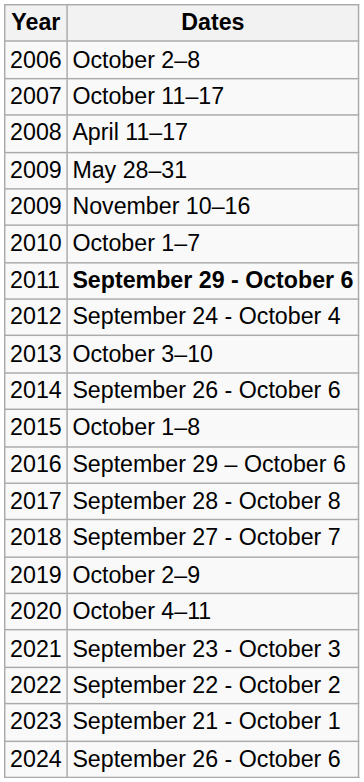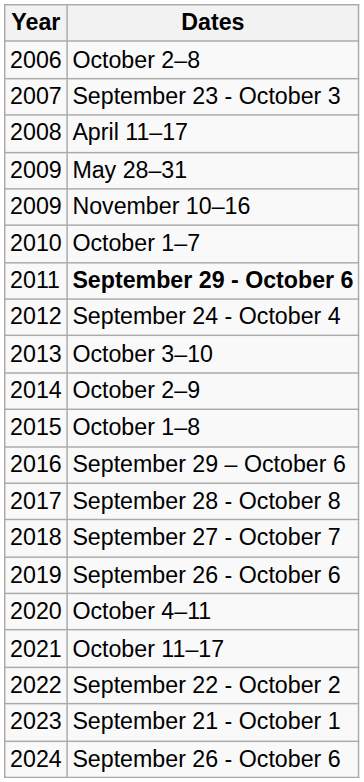 <table class="wikitable">
 <tr>
 <th>Year</th>
 <th>Dates</th>
 </tr>
 <tr>
 <td>2006</td>
 <td>October 2–8</td>
 </tr>
 <tr>
 <td>2007</td>
-<td>October 11–17</td>
+<td>September 23 - October 3</td>
 </tr>
 <tr>
 <td>2008</td>
 <td>April 11–17</td>
 </tr>
 <tr>
 <td>2009</td>
 <td>May 28–31</td>
 </tr>
 <tr>
 <td>2009</td>
 <td>November 10–16</td>
 </tr>
 <tr>
 <td>2010</td>
 <td>October 1–7</td>
 </tr>
 <tr>
 <td>2011</td>
 <td><strong>September 29 - October 6</strong></td>
 </tr>
 <tr>
 <td>2012</td>
 <td>September 24 - October 4</td>
 </tr>
 <tr>
 <td>2013</td>
 <td>October 3–10</td>
 </tr>
 <tr>
 <td>2014</td>
-<td>September 26 - October 6</td>
+<td>October 2–9</td>
 </tr>
 <tr>
 <td>2015</td>
 <td>October 1–8</td>
 </tr>
 <tr>
 <td>2016</td>
 <td>September 29 – October 6</td>
 </tr>
 <tr>
 <td>2017</td>
 <td>September 28 - October 8</td>
 </tr>
 <tr>
 <td>2018</td>
 <td>September 27 - October 7</td>
 </tr>
 <tr>
 <td>2019</td>
-<td>October 2–9</td>
+<td>September 26 - October 6</td>
 </tr>
 <tr>
 <td>2020</td>
 <td>October 4–11</td>
 </tr>
 <tr>
 <td>2021</td>
-<td>September 23 - October 3</td>
+<td>October 11–17</td>
 </tr>
 <tr>
 <td>2022</td>
 <td>September 22 - October 2</td>
 </tr>
 <tr>
 <td>2023</td>
 <td>September 21 - October 1</td>
 </tr>
 <tr>
 <td>2024</td>
 <td>September 26 - October 6</td>
 </tr>
 <tr>
 </tr>
 </table>
